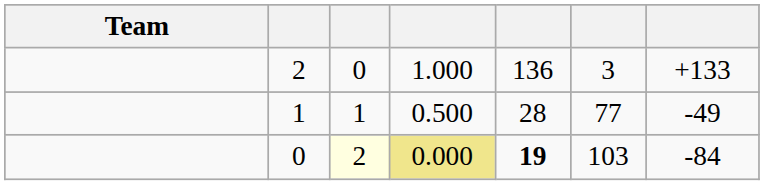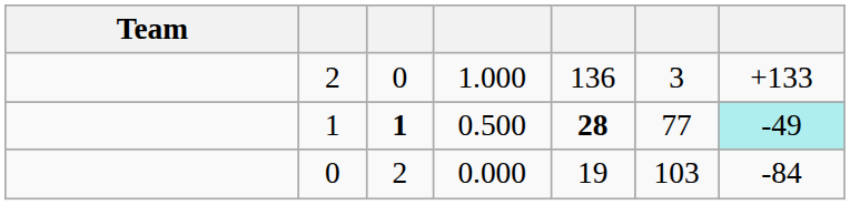 <table class="wikitable" style="text-align:center; width:50%">
 <tr>
 <th width="35%">Team</th>
 <th width="8%"></th>
 <th width="8%"></th>
 <th width="14%"></th>
 <th width="10%"></th>
 <th width="10%"></th>
 <th width="15%"></th>
 </tr>
 <tr>
 <td style="text-align:left;"></td>
 <td>2</td>
 <td>0</td>
 <td>1.000</td>
 <td>136</td>
 <td>3</td>
 <td>+133</td>
 </tr>
 <tr>
 <td style="text-align:left;"></td>
 <td>1</td>
-<td>1</td>
+<td><strong>1</strong></td>
 <td>0.500</td>
-<td>28</td>
+<td><strong>28</strong></td>
 <td>77</td>
-<td>-49</td>
+<td style="background: paleturquoise;">-49</td>
 </tr>
 <tr>
 <td style="text-align:left;"></td>
 <td>0</td>
-<td style="background: lightyellow;">2</td>
-<td style="background: khaki;">0.000</td>
-<td><strong>19</strong></td>
+<td>2</td>
+<td>0.000</td>
+<td>19</td>
 <td>103</td>
 <td>-84</td>
 </tr>
 </table>
